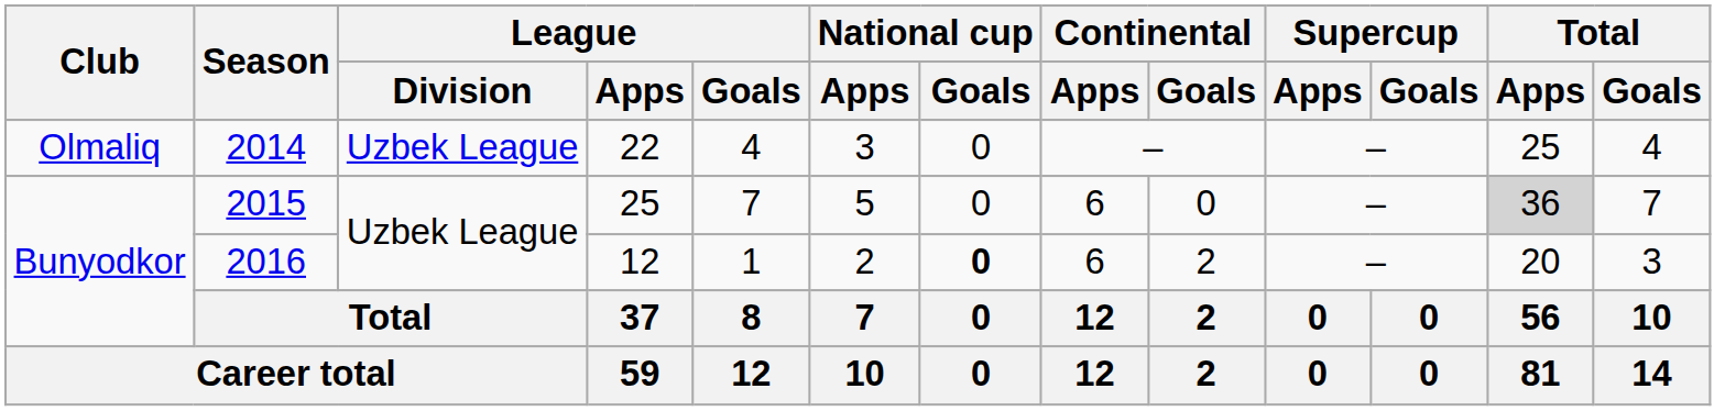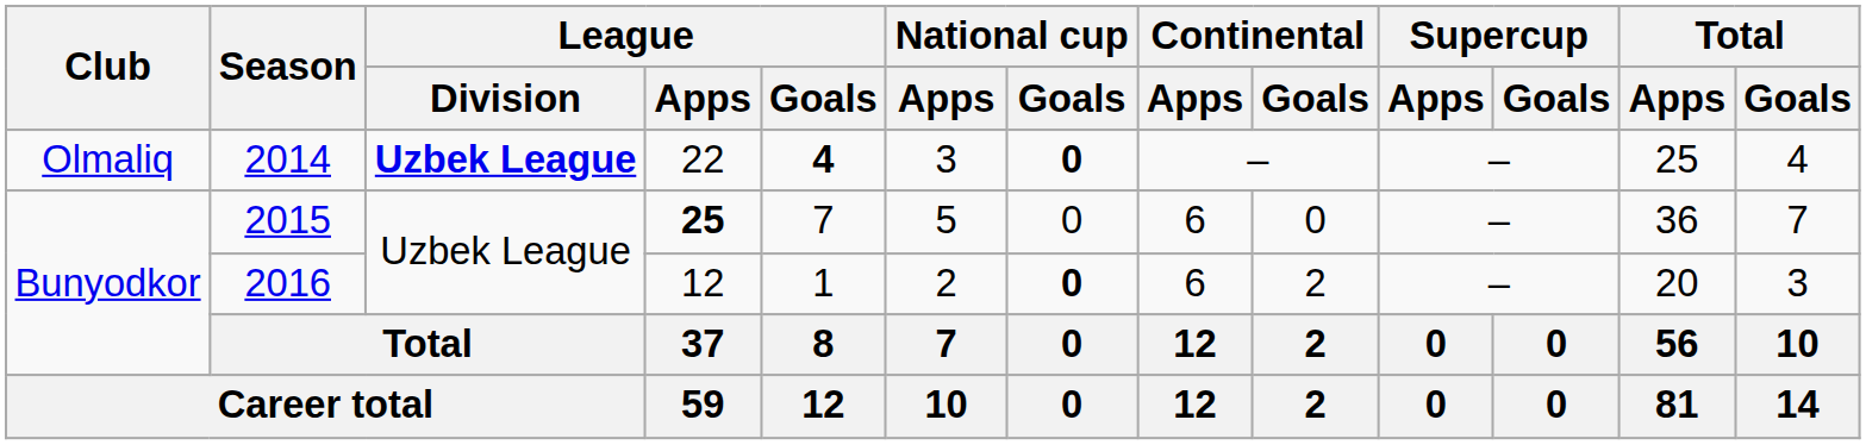 <table class="wikitable" style="text-align:center;">
 <tr>
 <th rowspan="2">Club</th>
 <th rowspan="2">Season</th>
 <th colspan="3">League</th>
 <th colspan="2">National cup</th>
 <th colspan="2">Continental</th>
 <th colspan="2">Supercup</th>
 <th colspan="2">Total</th>
 </tr>
 <tr>
 <th>Division</th>
 <th>Apps</th>
 <th>Goals</th>
 <th>Apps</th>
 <th>Goals</th>
 <th>Apps</th>
 <th>Goals</th>
 <th>Apps</th>
 <th>Goals</th>
 <th>Apps</th>
 <th>Goals</th>
 </tr>
 <tr>
 <td><a href='#'>Olmaliq</a></td>
 <td><a href='#'>2014</a></td>
-<td><a href='#'>Uzbek League</a></td>
+<td><strong><a href='#'>Uzbek League</a></strong></td>
 <td>22</td>
-<td>4</td>
+<td><strong>4</strong></td>
 <td>3</td>
-<td>0</td>
+<td><strong>0</strong></td>
 <td colspan="2">–</td>
 <td colspan="2">–</td>
 <td>25</td>
 <td>4</td>
 </tr>
 <tr>
 <td rowspan="3"><a href='#'>Bunyodkor</a></td>
 <td><a href='#'>2015</a></td>
 <td rowspan="2">Uzbek League</td>
-<td>25</td>
+<td><strong>25</strong></td>
 <td>7</td>
 <td>5</td>
 <td>0</td>
 <td>6</td>
 <td>0</td>
 <td colspan="2">–</td>
-<td style="background: lightgrey;">36</td>
+<td>36</td>
 <td>7</td>
 </tr>
 <tr>
 <td><a href='#'>2016</a></td>
 <td>12</td>
 <td>1</td>
 <td>2</td>
 <td><strong>0</strong></td>
 <td>6</td>
 <td>2</td>
 <td colspan="2">–</td>
 <td>20</td>
 <td>3</td>
 </tr>
 <tr>
 <th colspan="2">Total</th>
 <th>37</th>
 <th>8</th>
 <th>7</th>
 <th>0</th>
 <th>12</th>
 <th>2</th>
 <th>0</th>
 <th>0</th>
 <th>56</th>
 <th>10</th>
 </tr>
 <tr>
 <th colspan="3">Career total</th>
 <th>59</th>
 <th>12</th>
 <th>10</th>
 <th>0</th>
 <th>12</th>
 <th>2</th>
 <th>0</th>
 <th>0</th>
 <th>81</th>
 <th>14</th>
 </tr>
 </table>
